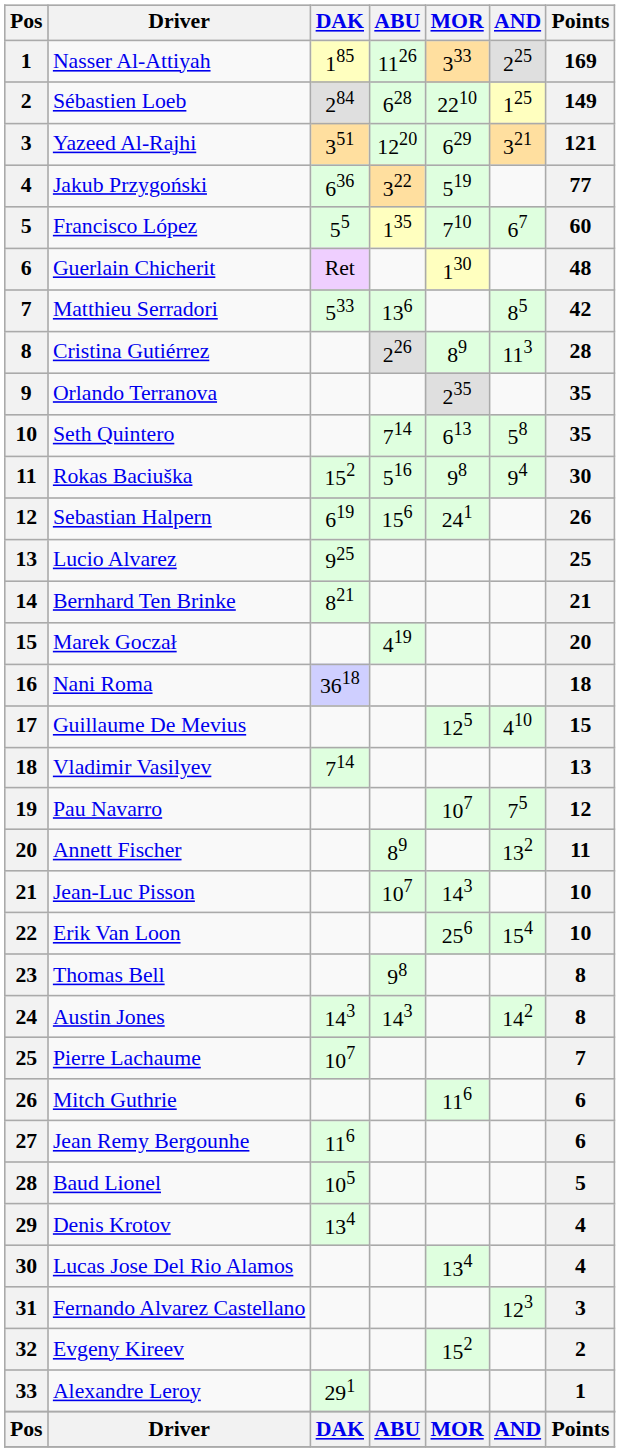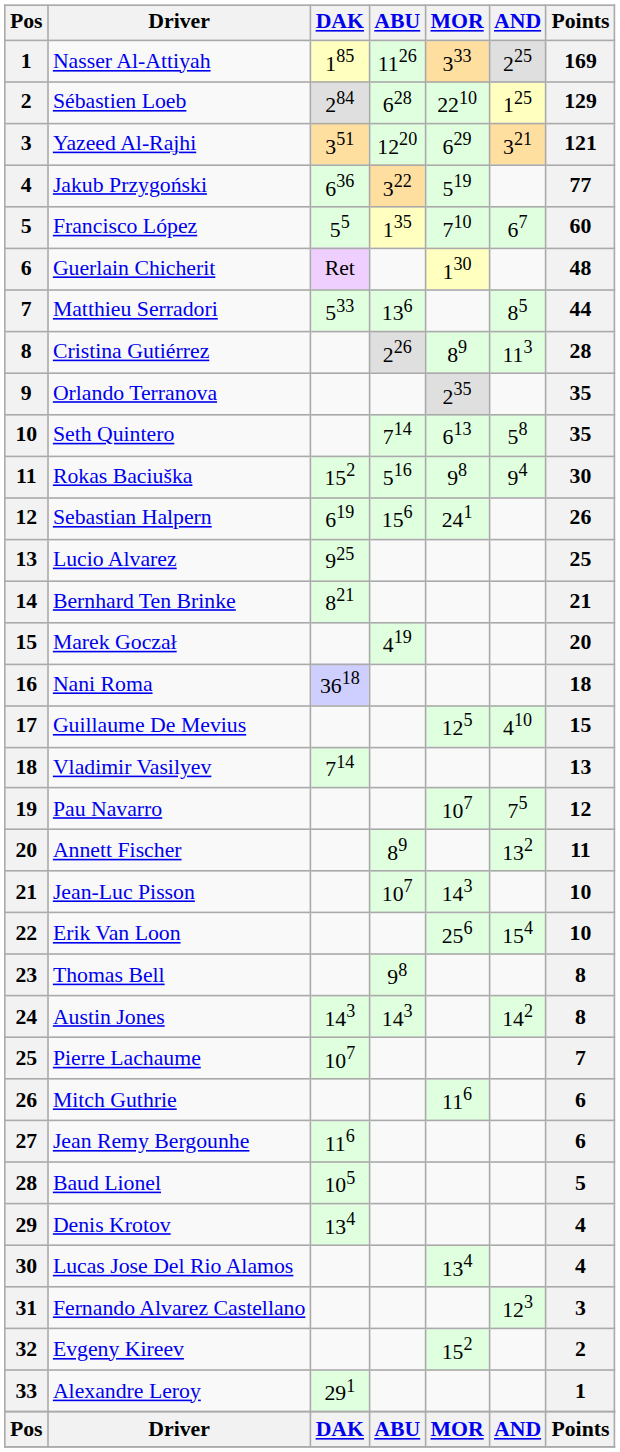 <table class="wikitable" style="font-size: 85%; text-align: center; display: inline-table;">
 <tr valign="top">
 <th valign="middle">Pos</th>
 <th valign="middle">Driver</th>
 <th><a href='#'>DAK</a><br></th>
 <th><a href='#'>ABU</a><br></th>
 <th><a href='#'>MOR</a><br></th>
 <th><a href='#'>AND</a><br></th>
 <th valign="middle">Points</th>
 </tr>
 <tr>
 <th>1</th>
 <td align=left> <a href='#'>Nasser Al-Attiyah</a></td>
 <td style="background:#ffffbf;">1<sup>85</sup></td>
 <td style="background:#dfffdf;">11<sup>26</sup></td>
 <td style="background:#ffdf9f;">3<sup>33</sup></td>
 <td style="background:#dfdfdf;">2<sup>25</sup></td>
 <th>169</th>
 </tr>
 <tr>
 <th>2</th>
 <td align=left> <a href='#'>Sébastien Loeb</a></td>
 <td style="background:#dfdfdf;">2<sup>84</sup></td>
 <td style="background:#dfffdf;">6<sup>28</sup></td>
 <td style="background:#dfffdf;">22<sup>10</sup></td>
 <td style="background:#ffffbf;">1<sup>25</sup></td>
-<th>149</th>
+<th>129</th>
 </tr>
 <tr>
 <th>3</th>
 <td align=left> <a href='#'>Yazeed Al-Rajhi</a></td>
 <td style="background:#ffdf9f;">3<sup>51</sup></td>
 <td style="background:#dfffdf;">12<sup>20</sup></td>
 <td style="background:#dfffdf;">6<sup>29</sup></td>
 <td style="background:#ffdf9f;">3<sup>21</sup></td>
 <th>121</th>
 </tr>
 <tr>
 <th>4</th>
 <td align=left> <a href='#'>Jakub Przygoński</a></td>
 <td style="background:#dfffdf;">6<sup>36</sup></td>
 <td style="background:#ffdf9f;">3<sup>22</sup></td>
 <td style="background:#dfffdf;">5<sup>19</sup></td>
 <td></td>
 <th>77</th>
 </tr>
 <tr>
 <th>5</th>
 <td align=left> <a href='#'>Francisco López</a></td>
 <td style="background:#dfffdf;">5<sup>5</sup></td>
 <td style="background:#ffffbf;">1<sup>35</sup></td>
 <td style="background:#dfffdf;">7<sup>10</sup></td>
 <td style="background:#dfffdf;">6<sup>7</sup></td>
 <th>60</th>
 </tr>
 <tr>
 <th>6</th>
 <td align=left> <a href='#'>Guerlain Chicherit</a></td>
 <td style="background:#efcfff;">Ret</td>
 <td></td>
 <td style="background:#ffffbf;">1<sup>30</sup></td>
 <td></td>
 <th>48</th>
 </tr>
 <tr>
 <th>7</th>
 <td align=left> <a href='#'>Matthieu Serradori</a></td>
 <td style="background:#dfffdf;">5<sup>33</sup></td>
 <td style="background:#dfffdf;">13<sup>6</sup></td>
 <td></td>
 <td style="background:#dfffdf;">8<sup>5</sup></td>
-<th>42</th>
+<th>44</th>
 </tr>
 <tr>
 <th>8</th>
 <td align=left> <a href='#'>Cristina Gutiérrez</a></td>
 <td></td>
 <td style="background:#dfdfdf;">2<sup>26</sup></td>
 <td style="background:#dfffdf;">8<sup>9</sup></td>
 <td style="background:#dfffdf;">11<sup>3</sup></td>
 <th>28</th>
 </tr>
 <tr>
 <th>9</th>
 <td align=left> <a href='#'>Orlando Terranova</a></td>
 <td></td>
 <td></td>
 <td style="background:#dfdfdf;">2<sup>35</sup></td>
 <td></td>
 <th>35</th>
 </tr>
 <tr>
 <th>10</th>
 <td align=left> <a href='#'>Seth Quintero</a></td>
 <td></td>
 <td style="background:#dfffdf;">7<sup>14</sup></td>
 <td style="background:#dfffdf;">6<sup>13</sup></td>
 <td style="background:#dfffdf;">5<sup>8</sup></td>
 <th>35</th>
 </tr>
 <tr>
 <th>11</th>
 <td align=left> <a href='#'>Rokas Baciuška</a></td>
 <td style="background:#dfffdf;">15<sup>2</sup></td>
 <td style="background:#dfffdf;">5<sup>16</sup></td>
 <td style="background:#dfffdf;">9<sup>8</sup></td>
 <td style="background:#dfffdf;">9<sup>4</sup></td>
 <th>30</th>
 </tr>
 <tr>
 <th>12</th>
 <td align=left> <a href='#'>Sebastian Halpern</a></td>
 <td style="background:#dfffdf;">6<sup>19</sup></td>
 <td style="background:#dfffdf;">15<sup>6</sup></td>
 <td style="background:#dfffdf;">24<sup>1</sup></td>
 <td></td>
 <th>26</th>
 </tr>
 <tr>
 <th>13</th>
 <td align=left> <a href='#'>Lucio Alvarez</a></td>
 <td style="background:#dfffdf;">9<sup>25</sup></td>
 <td></td>
 <td></td>
 <td></td>
 <th>25</th>
 </tr>
 <tr>
 <th>14</th>
 <td align=left> <a href='#'>Bernhard Ten Brinke</a></td>
 <td style="background:#dfffdf;">8<sup>21</sup></td>
 <td></td>
 <td></td>
 <td></td>
 <th>21</th>
 </tr>
 <tr>
 <th>15</th>
 <td align=left> <a href='#'>Marek Goczał</a></td>
 <td></td>
 <td style="background:#dfffdf;">4<sup>19</sup></td>
 <td></td>
 <td></td>
 <th>20</th>
 </tr>
 <tr>
 <th>16</th>
 <td align=left> <a href='#'>Nani Roma</a></td>
 <td style="background:#cfcfff;">36<sup>18</sup></td>
 <td></td>
 <td></td>
 <td></td>
 <th>18</th>
 </tr>
 <tr>
 <th>17</th>
 <td align=left> <a href='#'>Guillaume De Mevius</a></td>
 <td></td>
 <td></td>
 <td style="background:#dfffdf;">12<sup>5</sup></td>
 <td style="background:#dfffdf;">4<sup>10</sup></td>
 <th>15</th>
 </tr>
 <tr>
 <th>18</th>
 <td align=left> <a href='#'>Vladimir Vasilyev</a></td>
 <td style="background:#dfffdf;">7<sup>14</sup></td>
 <td></td>
 <td></td>
 <td></td>
 <th>13</th>
 </tr>
 <tr>
 <th>19</th>
 <td align=left> <a href='#'>Pau Navarro</a></td>
 <td></td>
 <td></td>
 <td style="background:#dfffdf;">10<sup>7</sup></td>
 <td style="background:#dfffdf;">7<sup>5</sup></td>
 <th>12</th>
 </tr>
 <tr>
 <th>20</th>
 <td align=left> <a href='#'>Annett Fischer</a></td>
 <td></td>
 <td style="background:#dfffdf;">8<sup>9</sup></td>
 <td></td>
 <td style="background:#dfffdf;">13<sup>2</sup></td>
 <th>11</th>
 </tr>
 <tr>
 <th>21</th>
 <td align=left> <a href='#'>Jean-Luc Pisson</a></td>
 <td></td>
 <td style="background:#dfffdf;">10<sup>7</sup></td>
 <td style="background:#dfffdf;">14<sup>3</sup></td>
 <td></td>
 <th>10</th>
 </tr>
 <tr>
 <th>22</th>
 <td align=left> <a href='#'>Erik Van Loon</a></td>
 <td></td>
 <td></td>
 <td style="background:#dfffdf;">25<sup>6</sup></td>
 <td style="background:#dfffdf;">15<sup>4</sup></td>
 <th>10</th>
 </tr>
 <tr>
 <th>23</th>
 <td align=left> <a href='#'>Thomas Bell</a></td>
 <td></td>
 <td style="background:#dfffdf;">9<sup>8</sup></td>
 <td></td>
 <td></td>
 <th>8</th>
 </tr>
 <tr>
 <th>24</th>
 <td align=left> <a href='#'>Austin Jones</a></td>
 <td style="background:#dfffdf;">14<sup>3</sup></td>
 <td style="background:#dfffdf;">14<sup>3</sup></td>
 <td></td>
 <td style="background:#dfffdf;">14<sup>2</sup></td>
 <th>8</th>
 </tr>
 <tr>
 <th>25</th>
 <td align=left> <a href='#'>Pierre Lachaume</a></td>
 <td style="background:#dfffdf;">10<sup>7</sup></td>
 <td></td>
 <td></td>
 <td></td>
 <th>7</th>
 </tr>
 <tr>
 <th>26</th>
 <td align=left> <a href='#'>Mitch Guthrie</a></td>
 <td></td>
 <td></td>
 <td style="background:#dfffdf;">11<sup>6</sup></td>
 <td></td>
 <th>6</th>
 </tr>
 <tr>
 <th>27</th>
 <td align=left> <a href='#'>Jean Remy Bergounhe</a></td>
 <td style="background:#dfffdf;">11<sup>6</sup></td>
 <td></td>
 <td></td>
 <td></td>
 <th>6</th>
 </tr>
 <tr>
 <th>28</th>
 <td align=left> <a href='#'>Baud Lionel</a></td>
 <td style="background:#dfffdf;">10<sup>5</sup></td>
 <td></td>
 <td></td>
 <td></td>
 <th>5</th>
 </tr>
 <tr>
 <th>29</th>
 <td align=left> <a href='#'>Denis Krotov</a></td>
 <td style="background:#dfffdf;">13<sup>4</sup></td>
 <td></td>
 <td></td>
 <td></td>
 <th>4</th>
 </tr>
 <tr>
 <th>30</th>
 <td align=left> <a href='#'>Lucas Jose Del Rio Alamos</a></td>
 <td></td>
 <td></td>
 <td style="background:#dfffdf;">13<sup>4</sup></td>
 <td></td>
 <th>4</th>
 </tr>
 <tr>
 <th>31</th>
 <td align=left> <a href='#'>Fernando Alvarez Castellano</a></td>
 <td></td>
 <td></td>
 <td></td>
 <td style="background:#dfffdf;">12<sup>3</sup></td>
 <th>3</th>
 </tr>
 <tr>
 <th>32</th>
 <td align=left> <a href='#'>Evgeny Kireev</a></td>
 <td></td>
 <td></td>
 <td style="background:#dfffdf;">15<sup>2</sup></td>
 <td></td>
 <th>2</th>
 </tr>
 <tr>
 <th>33</th>
 <td align=left> <a href='#'>Alexandre Leroy</a></td>
 <td style="background:#dfffdf;">29<sup>1</sup></td>
 <td></td>
 <td></td>
 <td></td>
 <th>1</th>
 </tr>
 <tr>
 </tr>
 <tr valign="top">
 <th valign="middle">Pos</th>
 <th valign="middle">Driver</th>
 <th><a href='#'>DAK</a><br></th>
 <th><a href='#'>ABU</a><br></th>
 <th><a href='#'>MOR</a><br></th>
 <th><a href='#'>AND</a><br></th>
 <th valign="middle">Points</th>
 </tr>
 <tr>
 </tr>
 </table>
